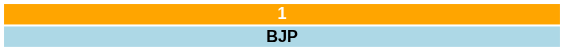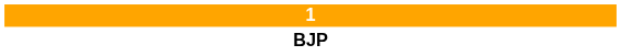 <table style="width:88%; text-align:center;">
 <tr style="color:white;">
 <td style="background:orange; width:100%;"><strong>1</strong></td>
 </tr>
 <tr>
-<td style="background: lightblue;"><span><strong>BJP</strong></span></td>
+<td><span><strong>BJP</strong></span></td>
 </tr>
 </table>
